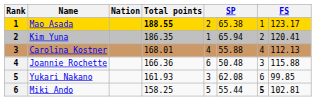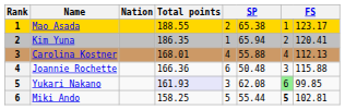 <table class="wikitable">
 <tr>
 <th>Rank</th>
 <th>Name</th>
 <th>Nation</th>
 <th>Total points</th>
 <th colspan="2" width="80px"><a href='#'>SP</a></th>
 <th colspan="2" width="80px"><a href='#'>FS</a></th>
 </tr>
 <tr bgcolor="gold">
 <td align="center"><strong>1</strong></td>
 <td><a href='#'>Mao Asada</a></td>
 <td></td>
-<td><strong>188.55</strong></td>
+<td>188.55</td>
 <td>2</td>
 <td>65.38</td>
 <td>1</td>
 <td>123.17</td>
 </tr>
 <tr bgcolor="silver">
 <td align="center"><strong>2</strong></td>
 <td><a href='#'>Kim Yuna</a></td>
 <td></td>
 <td>186.35</td>
 <td>1</td>
 <td>65.94</td>
 <td>2</td>
 <td>120.41</td>
 </tr>
 <tr bgcolor="cc9966">
 <td align="center"><strong>3</strong></td>
 <td><a href='#'>Carolina Kostner</a></td>
 <td></td>
 <td>168.01</td>
 <td>4</td>
 <td>55.88</td>
 <td>4</td>
 <td>112.13</td>
 </tr>
 <tr>
 <th>4</th>
 <td><a href='#'>Joannie Rochette</a></td>
 <td></td>
 <td>166.36</td>
 <td>6</td>
 <td>50.48</td>
 <td>3</td>
 <td>115.88</td>
 </tr>
 <tr>
 <th>5</th>
 <td><a href='#'>Yukari Nakano</a></td>
 <td></td>
-<td>161.93</td>
+<td style="background: lavender;">161.93</td>
 <td>3</td>
 <td>62.08</td>
-<td>6</td>
+<td style="background: lightgreen;">6</td>
 <td>99.85</td>
 </tr>
 <tr>
 <th>6</th>
 <td><a href='#'>Miki Ando</a></td>
 <td></td>
 <td>158.25</td>
 <td>5</td>
 <td>55.44</td>
 <td><strong>5</strong></td>
 <td>102.81</td>
 </tr>
 </table>
